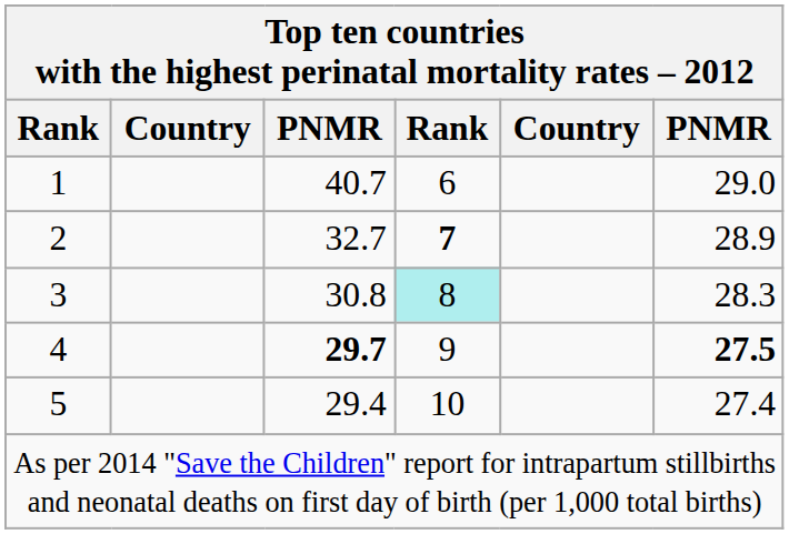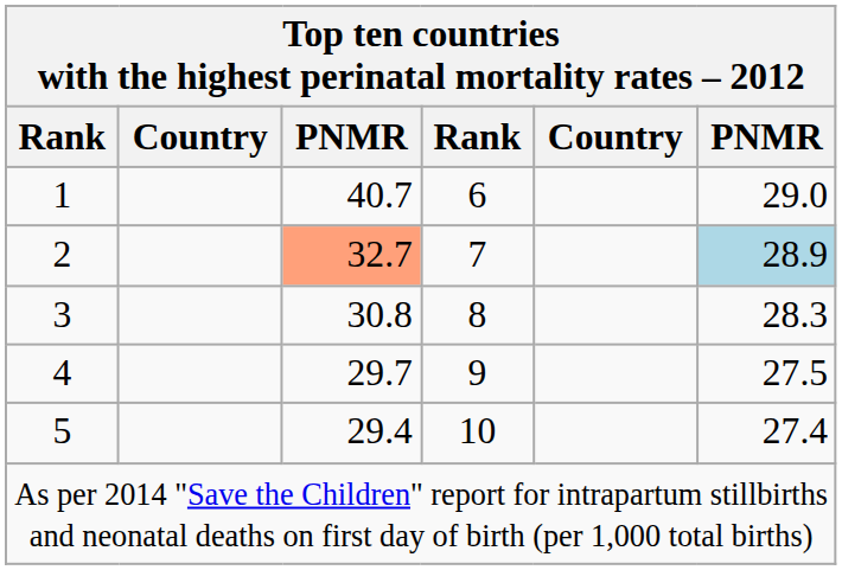 <table class="wikitable">
 <tr>
 <th colspan=6>Top ten countries<br>with the highest perinatal mortality rates – 2012</th>
 </tr>
 <tr>
 <th>Rank</th>
 <th>Country</th>
 <th>PNMR</th>
 <th>Rank</th>
 <th>Country</th>
 <th>PNMR</th>
 </tr>
 <tr>
 <td align=center>1</td>
 <td></td>
 <td style="text-align:right;">40.7</td>
 <td align=center>6</td>
 <td></td>
 <td style="text-align:right;">29.0</td>
 </tr>
 <tr>
 <td align=center>2</td>
 <td></td>
-<td style="text-align:right;">32.7</td>
-<td align=center><strong>7</strong></td>
+<td style="background: lightsalmon; text-align:right;">32.7</td>
+<td align=center>7</td>
 <td></td>
-<td style="text-align:right;">28.9</td>
+<td style="background: lightblue; text-align:right;">28.9</td>
 </tr>
 <tr>
 <td align=center>3</td>
 <td></td>
 <td style="text-align:right;">30.8</td>
-<td align=center style="background: paleturquoise;">8</td>
+<td align=center>8</td>
 <td></td>
 <td style="text-align:right;">28.3</td>
 </tr>
 <tr>
 <td align=center>4</td>
 <td></td>
-<td style="text-align:right;"><strong>29.7</strong></td>
+<td style="text-align:right;">29.7</td>
 <td align=center>9</td>
 <td></td>
-<td style="text-align:right;"><strong>27.5</strong></td>
+<td style="text-align:right;">27.5</td>
 </tr>
 <tr>
 <td align=center>5</td>
 <td></td>
 <td style="text-align:right;">29.4</td>
 <td align=center>10</td>
 <td></td>
 <td style="text-align:right;">27.4</td>
 </tr>
 <tr>
 <td align=center colspan=6><small>As per 2014 "<a href='#'>Save the Children</a>" report for intrapartum stillbirths<br>and neonatal deaths on first day of birth (per 1,000 total births)</small></td>
 </tr>
 </table>
